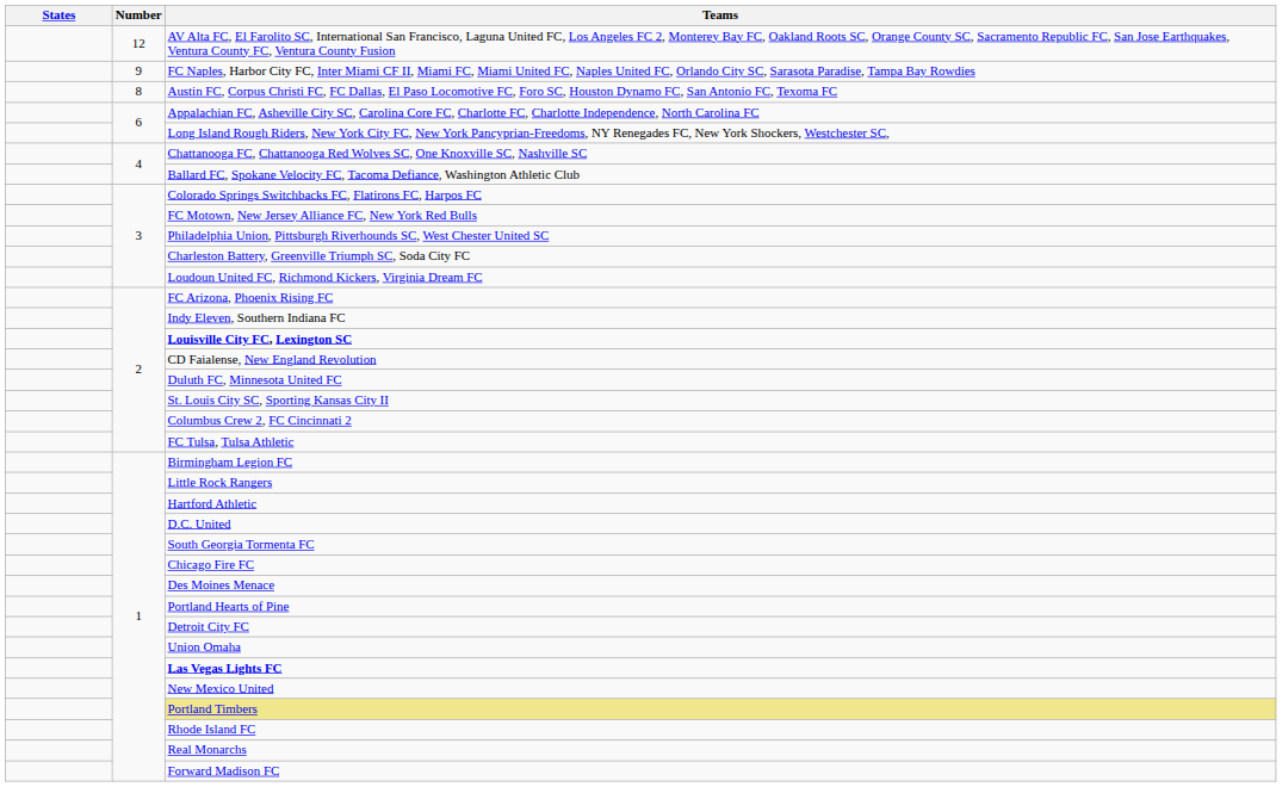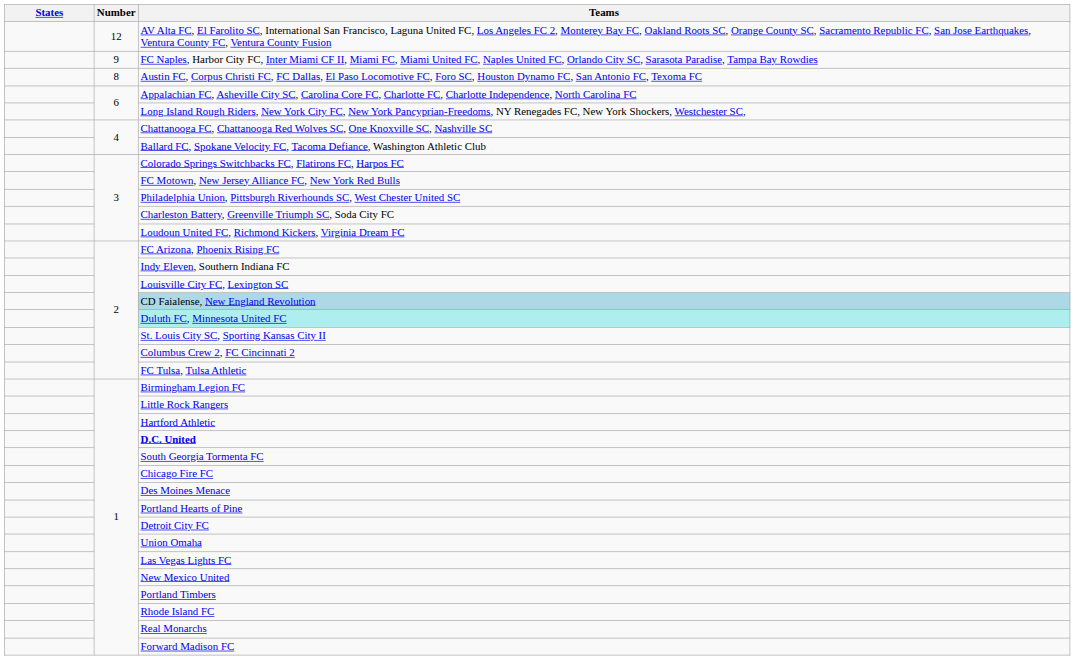 <table class="wikitable mw-collapsible mw-collapsed">
 <tr>
 <th style=width:125px><a href='#'>States</a></th>
 <th>Number</th>
 <th>Teams</th>
 </tr>
 <tr>
 <td></td>
 <td style="text-align:center">12</td>
 <td><a href='#'>AV Alta FC</a>, <a href='#'>El Farolito SC</a>, International San Francisco, Laguna United FC, <a href='#'>Los Angeles FC 2</a>, <a href='#'>Monterey Bay FC</a>, <a href='#'>Oakland Roots SC</a>, <a href='#'>Orange County SC</a>, <a href='#'>Sacramento Republic FC</a>, <a href='#'>San Jose Earthquakes</a>, <a href='#'>Ventura County FC</a>, <a href='#'>Ventura County Fusion</a></td>
 </tr>
 <tr>
 <td></td>
 <td style="text-align:center">9</td>
 <td><a href='#'>FC Naples</a>, Harbor City FC, <a href='#'>Inter Miami CF II</a>, <a href='#'>Miami FC</a>, <a href='#'>Miami United FC</a>, <a href='#'>Naples United FC</a>, <a href='#'>Orlando City SC</a>, <a href='#'>Sarasota Paradise</a>, <a href='#'>Tampa Bay Rowdies</a></td>
 </tr>
 <tr>
 <td></td>
 <td style="text-align:center">8</td>
 <td><a href='#'>Austin FC</a>, <a href='#'>Corpus Christi FC</a>, <a href='#'>FC Dallas</a>, <a href='#'>El Paso Locomotive FC</a>, <a href='#'>Foro SC</a>, <a href='#'>Houston Dynamo FC</a>, <a href='#'>San Antonio FC</a>, <a href='#'>Texoma FC</a></td>
 </tr>
 <tr>
 <td></td>
 <td rowspan="2" style="text-align:center">6</td>
 <td><a href='#'>Appalachian FC</a>, <a href='#'>Asheville City SC</a>, <a href='#'>Carolina Core FC</a>, <a href='#'>Charlotte FC</a>, <a href='#'>Charlotte Independence</a>, <a href='#'>North Carolina FC</a></td>
 </tr>
 <tr>
 <td></td>
 <td><a href='#'>Long Island Rough Riders</a>, <a href='#'>New York City FC</a>, <a href='#'>New York Pancyprian-Freedoms</a>, NY Renegades FC, New York Shockers, <a href='#'>Westchester SC</a>,</td>
 </tr>
 <tr>
 <td></td>
 <td rowspan="2" style="text-align:center">4</td>
 <td><a href='#'>Chattanooga FC</a>, <a href='#'>Chattanooga Red Wolves SC</a>, <a href='#'>One Knoxville SC</a>, <a href='#'>Nashville SC</a></td>
 </tr>
 <tr>
 <td></td>
 <td><a href='#'>Ballard FC</a>, <a href='#'>Spokane Velocity FC</a>, <a href='#'>Tacoma Defiance</a>, Washington Athletic Club</td>
 </tr>
 <tr>
 <td></td>
 <td rowspan="5" style="text-align:center">3</td>
 <td><a href='#'>Colorado Springs Switchbacks FC</a>, <a href='#'>Flatirons FC</a>, <a href='#'>Harpos FC</a></td>
 </tr>
 <tr>
 <td></td>
 <td><a href='#'>FC Motown</a>, <a href='#'>New Jersey Alliance FC</a>, <a href='#'>New York Red Bulls</a></td>
 </tr>
 <tr>
 <td></td>
 <td><a href='#'>Philadelphia Union</a>, <a href='#'>Pittsburgh Riverhounds SC</a>, <a href='#'>West Chester United SC</a></td>
 </tr>
 <tr>
 <td></td>
 <td><a href='#'>Charleston Battery</a>, <a href='#'>Greenville Triumph SC</a>, Soda City FC</td>
 </tr>
 <tr>
 <td></td>
 <td><a href='#'>Loudoun United FC</a>, <a href='#'>Richmond Kickers</a>, <a href='#'>Virginia Dream FC</a></td>
 </tr>
 <tr>
 <td></td>
 <td rowspan="8" style="text-align:center">2</td>
 <td><a href='#'>FC Arizona</a>, <a href='#'>Phoenix Rising FC</a></td>
 </tr>
 <tr>
 <td></td>
 <td><a href='#'>Indy Eleven</a>, Southern Indiana FC</td>
 </tr>
 <tr>
 <td></td>
-<td><strong><a href='#'>Louisville City FC</a>, <a href='#'>Lexington SC</a></strong></td>
+<td><a href='#'>Louisville City FC</a>, <a href='#'>Lexington SC</a></td>
 </tr>
 <tr>
 <td></td>
-<td>CD Faialense, <a href='#'>New England Revolution</a></td>
+<td style="background: lightblue;">CD Faialense, <a href='#'>New England Revolution</a></td>
 </tr>
 <tr>
 <td></td>
-<td><a href='#'>Duluth FC</a>, <a href='#'>Minnesota United FC</a></td>
+<td style="background: paleturquoise;"><a href='#'>Duluth FC</a>, <a href='#'>Minnesota United FC</a></td>
 </tr>
 <tr>
 <td></td>
 <td><a href='#'>St. Louis City SC</a>, <a href='#'>Sporting Kansas City II</a></td>
 </tr>
 <tr>
 <td></td>
 <td><a href='#'>Columbus Crew 2</a>, <a href='#'>FC Cincinnati 2</a></td>
 </tr>
 <tr>
 <td></td>
 <td><a href='#'>FC Tulsa</a>, <a href='#'>Tulsa Athletic</a></td>
 </tr>
 <tr>
 <td></td>
 <td rowspan="16" style="text-align:center">1</td>
 <td><a href='#'>Birmingham Legion FC</a></td>
 </tr>
 <tr>
 <td></td>
 <td><a href='#'>Little Rock Rangers</a></td>
 </tr>
 <tr>
 <td></td>
 <td><a href='#'>Hartford Athletic</a></td>
 </tr>
 <tr>
 <td></td>
-<td><a href='#'>D.C. United</a></td>
+<td><strong><a href='#'>D.C. United</a></strong></td>
 </tr>
 <tr>
 <td></td>
 <td><a href='#'>South Georgia Tormenta FC</a></td>
 </tr>
 <tr>
 <td></td>
 <td><a href='#'>Chicago Fire FC</a></td>
 </tr>
 <tr>
 <td></td>
 <td><a href='#'>Des Moines Menace</a></td>
 </tr>
 <tr>
 <td></td>
 <td><a href='#'>Portland Hearts of Pine</a></td>
 </tr>
 <tr>
 <td></td>
 <td><a href='#'>Detroit City FC</a></td>
 </tr>
 <tr>
 <td></td>
 <td><a href='#'>Union Omaha</a></td>
 </tr>
 <tr>
 <td></td>
-<td><strong><a href='#'>Las Vegas Lights FC</a></strong></td>
+<td><a href='#'>Las Vegas Lights FC</a></td>
 </tr>
 <tr>
 <td></td>
 <td><a href='#'>New Mexico United</a></td>
 </tr>
 <tr>
 <td></td>
-<td style="background: khaki;"><a href='#'>Portland Timbers</a></td>
+<td><a href='#'>Portland Timbers</a></td>
 </tr>
 <tr>
 <td></td>
 <td><a href='#'>Rhode Island FC</a></td>
 </tr>
 <tr>
 <td></td>
 <td><a href='#'>Real Monarchs</a></td>
 </tr>
 <tr>
 <td></td>
 <td><a href='#'>Forward Madison FC</a></td>
 </tr>
 </table>
